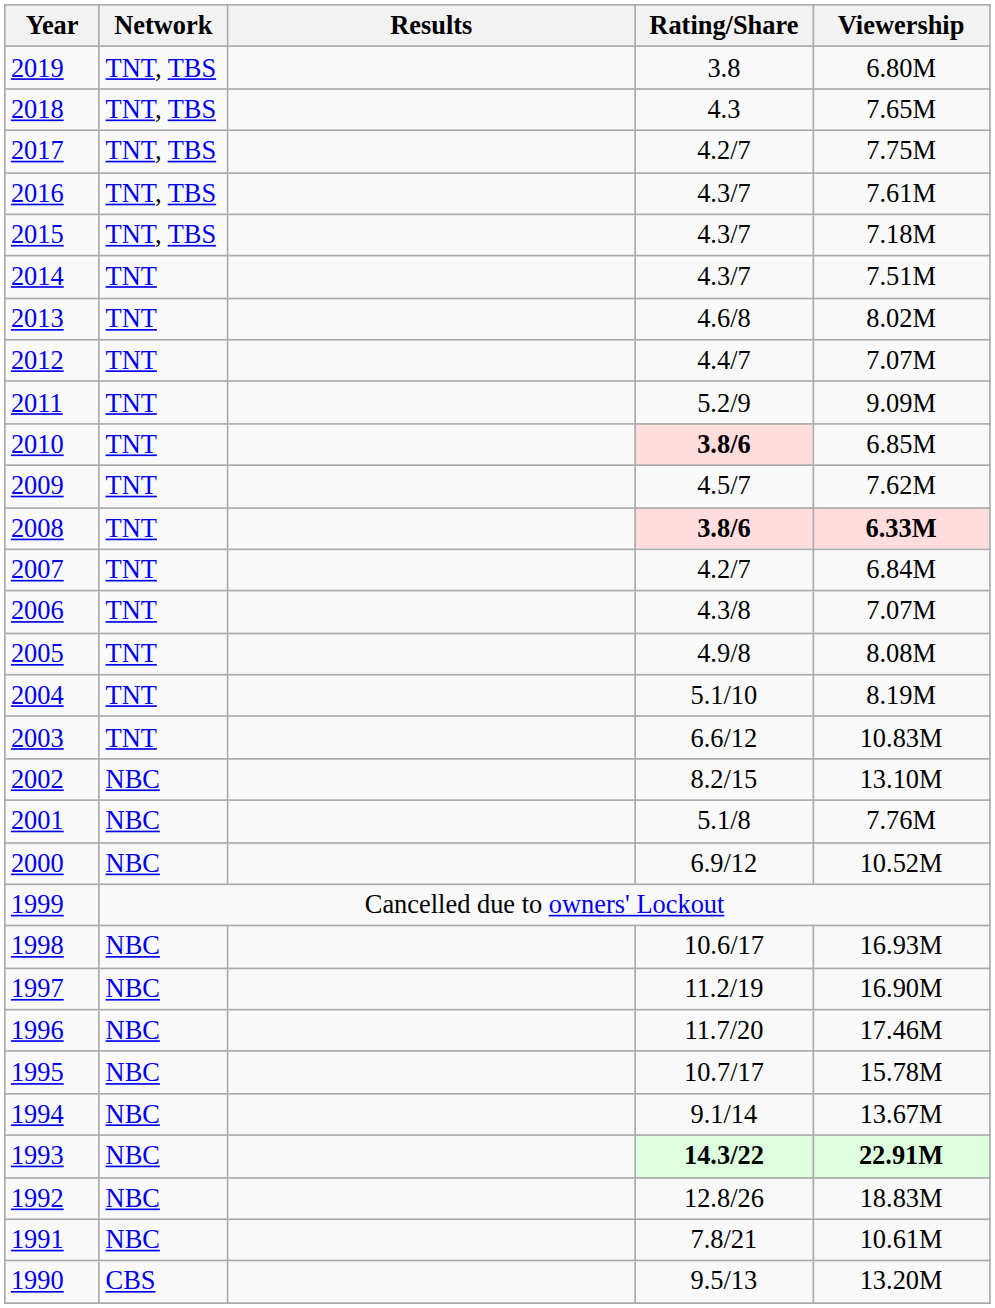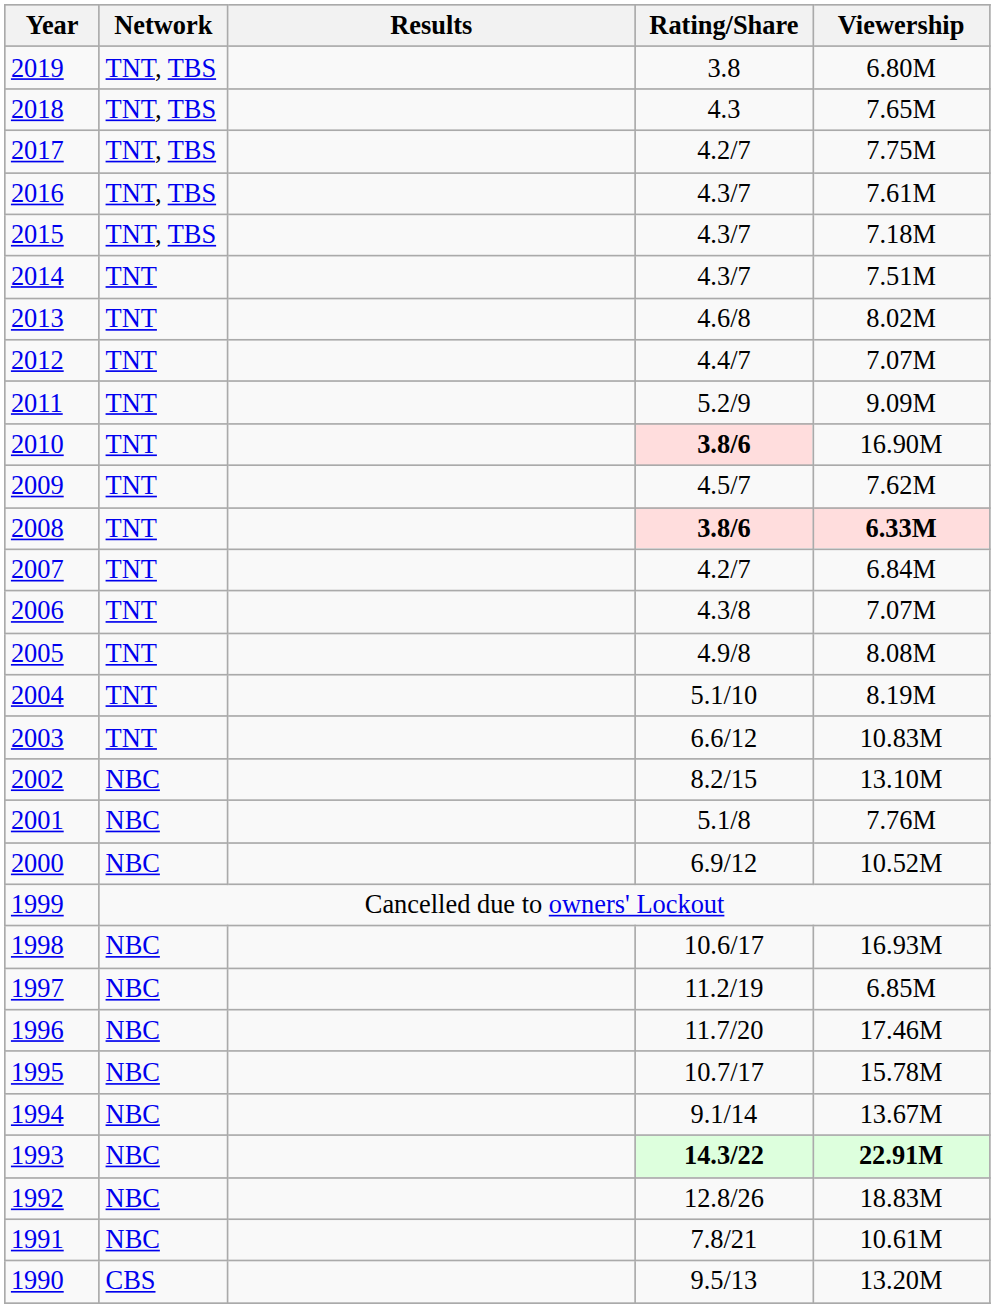 <table class="wikitable sortable">
 <tr>
 <th width="50">Year</th>
 <th width="70">Network</th>
 <th width="240">Results</th>
 <th width="100">Rating/Share</th>
 <th width="100">Viewership</th>
 </tr>
 <tr style="background-color:#F9F9F9">
 <td><a href='#'>2019</a></td>
 <td><a href='#'>TNT</a>, <a href='#'>TBS</a></td>
 <td></td>
 <th style="background:#F9F9F9;font-weight:normal;text-align:center">3.8</th>
 <th style="background:#F9F9F9;font-weight:normal;text-align:center">6.80M</th>
 </tr>
 <tr style="background-color:#F9F9F9">
 <td><a href='#'>2018</a></td>
 <td><a href='#'>TNT</a>, <a href='#'>TBS</a></td>
 <td></td>
 <th style="background:#F9F9F9;font-weight:normal;text-align:center">4.3</th>
 <th style="background:#F9F9F9;font-weight:normal;text-align:center">7.65M</th>
 </tr>
 <tr style="background-color:#F9F9F9">
 <td><a href='#'>2017</a></td>
 <td><a href='#'>TNT</a>, <a href='#'>TBS</a></td>
 <td></td>
 <th style="background:#F9F9F9;font-weight:normal;text-align:center">4.2/7</th>
 <th style="background:#F9F9F9;font-weight:normal;text-align:center">7.75M</th>
 </tr>
 <tr style="background-color:#F9F9F9">
 <td><a href='#'>2016</a></td>
 <td><a href='#'>TNT</a>, <a href='#'>TBS</a></td>
 <td></td>
 <th style="background:#F9F9F9;font-weight:normal;text-align:center">4.3/7</th>
 <th style="background:#F9F9F9;font-weight:normal;text-align:center">7.61M</th>
 </tr>
 <tr style="background-color:#F9F9F9">
 <td><a href='#'>2015</a></td>
 <td><a href='#'>TNT</a>, <a href='#'>TBS</a></td>
 <td></td>
 <th style="background:#F9F9F9;font-weight:normal;text-align:center">4.3/7</th>
 <th style="background:#F9F9F9;font-weight:normal;text-align:center">7.18M</th>
 </tr>
 <tr style="background-color:#F9F9F9">
 <td><a href='#'>2014</a></td>
 <td><a href='#'>TNT</a></td>
 <td></td>
 <th style="background:#F9F9F9;font-weight:normal;text-align:center">4.3/7</th>
 <th style="background:#F9F9F9;font-weight:normal;text-align:center">7.51M</th>
 </tr>
 <tr style="background-color:#F9F9F9">
 <td><a href='#'>2013</a></td>
 <td><a href='#'>TNT</a></td>
 <td></td>
 <th style="background:#F9F9F9;font-weight:normal;text-align:center">4.6/8</th>
 <th style="background:#F9F9F9;font-weight:normal;text-align:center">8.02M</th>
 </tr>
 <tr style="background-color:#F9F9F9">
 <td><a href='#'>2012</a></td>
 <td><a href='#'>TNT</a></td>
 <td></td>
 <th style="background:#F9F9F9;font-weight:normal;text-align:center">4.4/7</th>
 <th style="background:#F9F9F9;font-weight:normal;text-align:center">7.07M</th>
 </tr>
 <tr style="background-color:#F9F9F9">
 <td><a href='#'>2011</a></td>
 <td><a href='#'>TNT</a></td>
 <td></td>
 <th style="background:#F9F9F9;font-weight:normal;text-align:center">5.2/9</th>
 <th style="background:#F9F9F9;font-weight:normal;text-align:center">9.09M</th>
 </tr>
 <tr style="background-color:#F9F9F9">
 <td><a href='#'>2010</a></td>
 <td><a href='#'>TNT</a></td>
 <td></td>
 <th style="background:#ffdddd;font-weight:normal;text-align:center"><strong>3.8/6</strong></th>
-<th style="background:#F9F9F9;font-weight:normal;text-align:center">6.85M</th>
+<th style="background:#F9F9F9;font-weight:normal;text-align:center">16.90M</th>
 </tr>
 <tr style="background-color:#F9F9F9">
 <td><a href='#'>2009</a></td>
 <td><a href='#'>TNT</a></td>
 <td></td>
 <th style="background:#F9F9F9;font-weight:normal;text-align:center">4.5/7</th>
 <th style="background:#F9F9F9;font-weight:normal;text-align:center">7.62M</th>
 </tr>
 <tr style="background-color:#F9F9F9">
 <td><a href='#'>2008</a></td>
 <td><a href='#'>TNT</a></td>
 <td></td>
 <th style="background:#ffdddd;font-weight:normal;text-align:center"><strong>3.8/6</strong></th>
 <th style="background:#ffdddd;font-weight:normal;text-align:center"><strong>6.33M</strong></th>
 </tr>
 <tr style="background-color:#F9F9F9">
 <td><a href='#'>2007</a></td>
 <td><a href='#'>TNT</a></td>
 <td></td>
 <th style="background:#F9F9F9;font-weight:normal;text-align:center">4.2/7</th>
 <th style="background:#F9F9F9;font-weight:normal;text-align:center">6.84M</th>
 </tr>
 <tr style="background-color:#F9F9F9">
 <td><a href='#'>2006</a></td>
 <td><a href='#'>TNT</a></td>
 <td></td>
 <th style="background:#F9F9F9;font-weight:normal;text-align:center">4.3/8</th>
 <th style="background:#F9F9F9;font-weight:normal;text-align:center">7.07M</th>
 </tr>
 <tr style="background-color:#F9F9F9">
 <td><a href='#'>2005</a></td>
 <td><a href='#'>TNT</a></td>
 <td></td>
 <th style="background:#F9F9F9;font-weight:normal;text-align:center">4.9/8</th>
 <th style="background:#F9F9F9;font-weight:normal;text-align:center">8.08M</th>
 </tr>
 <tr style="background-color:#F9F9F9">
 <td><a href='#'>2004</a></td>
 <td><a href='#'>TNT</a></td>
 <td></td>
 <th style="background:#F9F9F9;font-weight:normal;text-align:center">5.1/10</th>
 <th style="background:#F9F9F9;font-weight:normal;text-align:center">8.19M</th>
 </tr>
 <tr style="background-color:#F9F9F9">
 <td><a href='#'>2003</a></td>
 <td><a href='#'>TNT</a></td>
 <td></td>
 <th style="background:#F9F9F9;font-weight:normal;text-align:center">6.6/12</th>
 <th style="background:#F9F9F9;font-weight:normal;text-align:center">10.83M</th>
 </tr>
 <tr style="background-color:#F9F9F9">
 <td><a href='#'>2002</a></td>
 <td><a href='#'>NBC</a></td>
 <td></td>
 <th style="background:#F9F9F9;font-weight:normal;text-align:center">8.2/15</th>
 <th style="background:#F9F9F9;font-weight:normal;text-align:center">13.10M</th>
 </tr>
 <tr style="background-color:#F9F9F9">
 <td><a href='#'>2001</a></td>
 <td><a href='#'>NBC</a></td>
 <td></td>
 <th style="background:#F9F9F9;font-weight:normal;text-align:center">5.1/8</th>
 <th style="background:#F9F9F9;font-weight:normal;text-align:center">7.76M</th>
 </tr>
 <tr style="background-color:#F9F9F9">
 <td><a href='#'>2000</a></td>
 <td><a href='#'>NBC</a></td>
 <td></td>
 <th style="background:#F9F9F9;font-weight:normal;text-align:center">6.9/12</th>
 <th style="background:#F9F9F9;font-weight:normal;text-align:center">10.52M</th>
 </tr>
 <tr style="background-color:#F9F9F9">
 <td><a href='#'>1999</a></td>
 <th style="background:#F9F9F9;font-weight:normal;text-align:center" colspan="4">Cancelled due to <a href='#'>owners' Lockout</a></th>
 </tr>
 <tr style="background-color:#F9F9F9">
 <td><a href='#'>1998</a></td>
 <td><a href='#'>NBC</a></td>
 <td></td>
 <th style="background:#F9F9F9;font-weight:normal;text-align:center">10.6/17</th>
 <th style="background:#F9F9F9;font-weight:normal;text-align:center">16.93M</th>
 </tr>
 <tr style="background-color:#F9F9F9">
 <td><a href='#'>1997</a></td>
 <td><a href='#'>NBC</a></td>
 <td></td>
 <th style="background:#F9F9F9;font-weight:normal;text-align:center">11.2/19</th>
-<th style="background:#F9F9F9;font-weight:normal;text-align:center">16.90M</th>
+<th style="background:#F9F9F9;font-weight:normal;text-align:center">6.85M</th>
 </tr>
 <tr style="background-color:#F9F9F9">
 <td><a href='#'>1996</a></td>
 <td><a href='#'>NBC</a></td>
 <td></td>
 <th style="background:#F9F9F9;font-weight:normal;text-align:center">11.7/20</th>
 <th style="background:#F9F9F9;font-weight:normal;text-align:center">17.46M</th>
 </tr>
 <tr style="background-color:#F9F9F9">
 <td><a href='#'>1995</a></td>
 <td><a href='#'>NBC</a></td>
 <td></td>
 <th style="background:#F9F9F9;font-weight:normal;text-align:center">10.7/17</th>
 <th style="background:#F9F9F9;font-weight:normal;text-align:center">15.78M</th>
 </tr>
 <tr style="background-color:#F9F9F9">
 <td><a href='#'>1994</a></td>
 <td><a href='#'>NBC</a></td>
 <td></td>
 <th style="background:#F9F9F9;font-weight:normal;text-align:center">9.1/14</th>
 <th style="background:#F9F9F9;font-weight:normal;text-align:center">13.67M</th>
 </tr>
 <tr style="background-color:#F9F9F9">
 <td><a href='#'>1993</a></td>
 <td><a href='#'>NBC</a></td>
 <td></td>
 <th style="background:#ddffdd;font-weight:normal;text-align:center"><strong>14.3/22</strong></th>
 <th style="background:#ddffdd;font-weight:normal;text-align:center"><strong>22.91M</strong></th>
 </tr>
 <tr style="background-color:#F9F9F9">
 <td><a href='#'>1992</a></td>
 <td><a href='#'>NBC</a></td>
 <td></td>
 <th style="background:#F9F9F9;font-weight:normal;text-align:center">12.8/26</th>
 <th style="background:#F9F9F9;font-weight:normal;text-align:center">18.83M</th>
 </tr>
 <tr style="background-color:#F9F9F9">
 <td><a href='#'>1991</a></td>
 <td><a href='#'>NBC</a></td>
 <td></td>
 <th style="background:#F9F9F9;font-weight:normal;text-align:center">7.8/21</th>
 <th style="background:#F9F9F9;font-weight:normal;text-align:center">10.61M</th>
 </tr>
 <tr style="background-color:#F9F9F9">
 <td><a href='#'>1990</a></td>
 <td><a href='#'>CBS</a></td>
 <td></td>
 <th style="background:#F9F9F9;font-weight:normal;text-align:center">9.5/13</th>
 <th style="background:#F9F9F9;font-weight:normal;text-align:center">13.20M</th>
 </tr>
 <tr style="background-color:#F9F9F9">
 </tr>
 </table>
